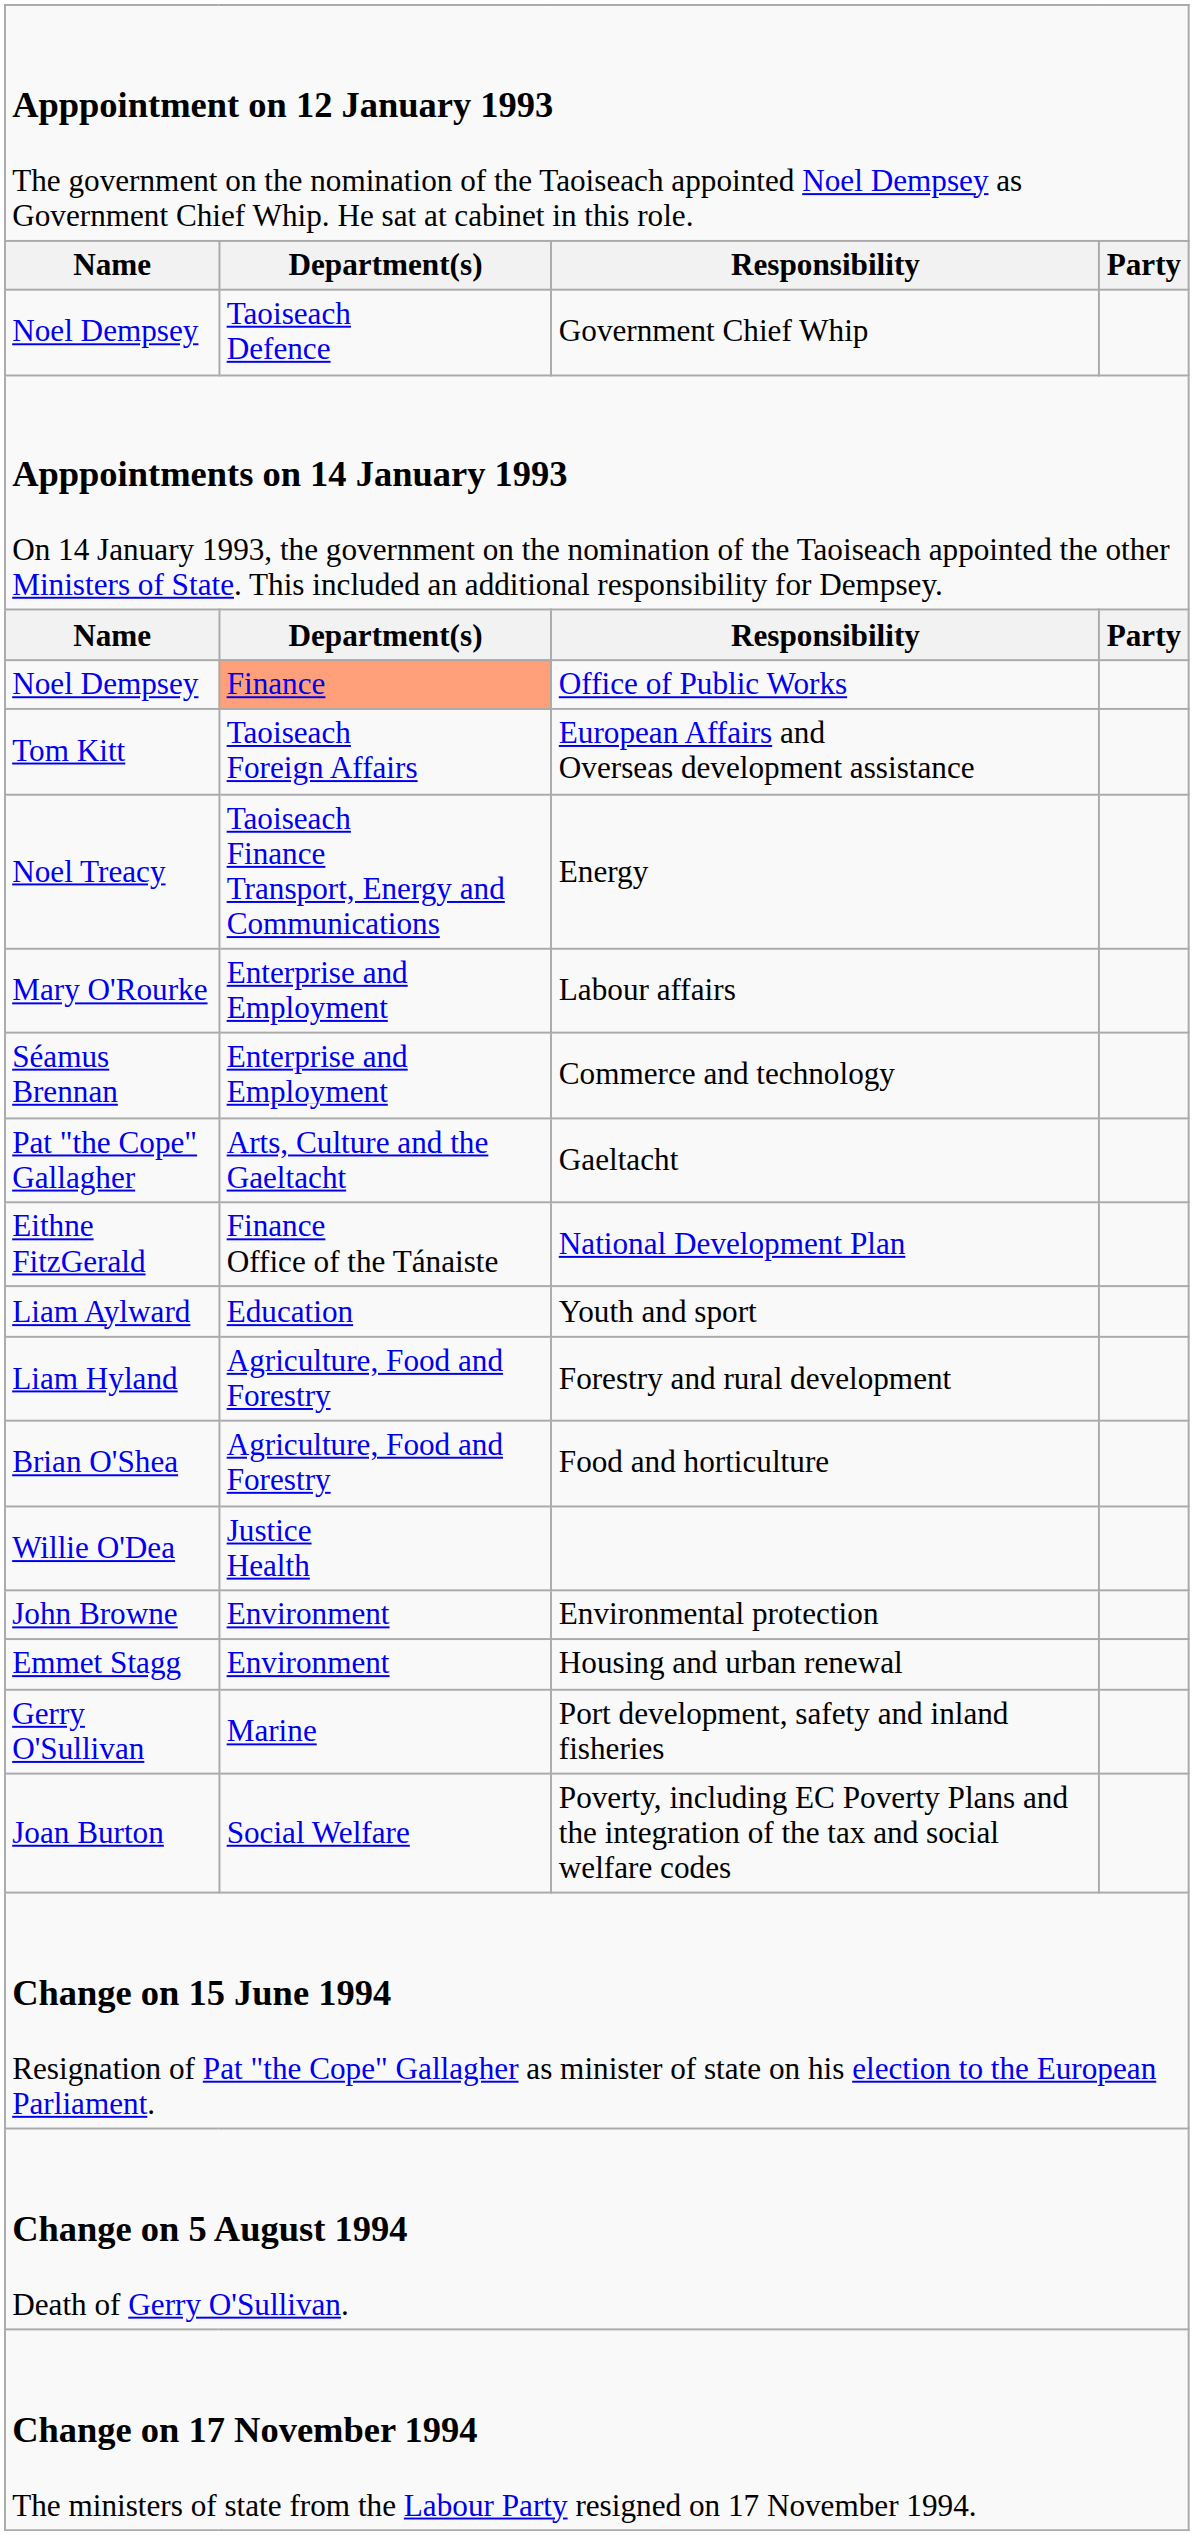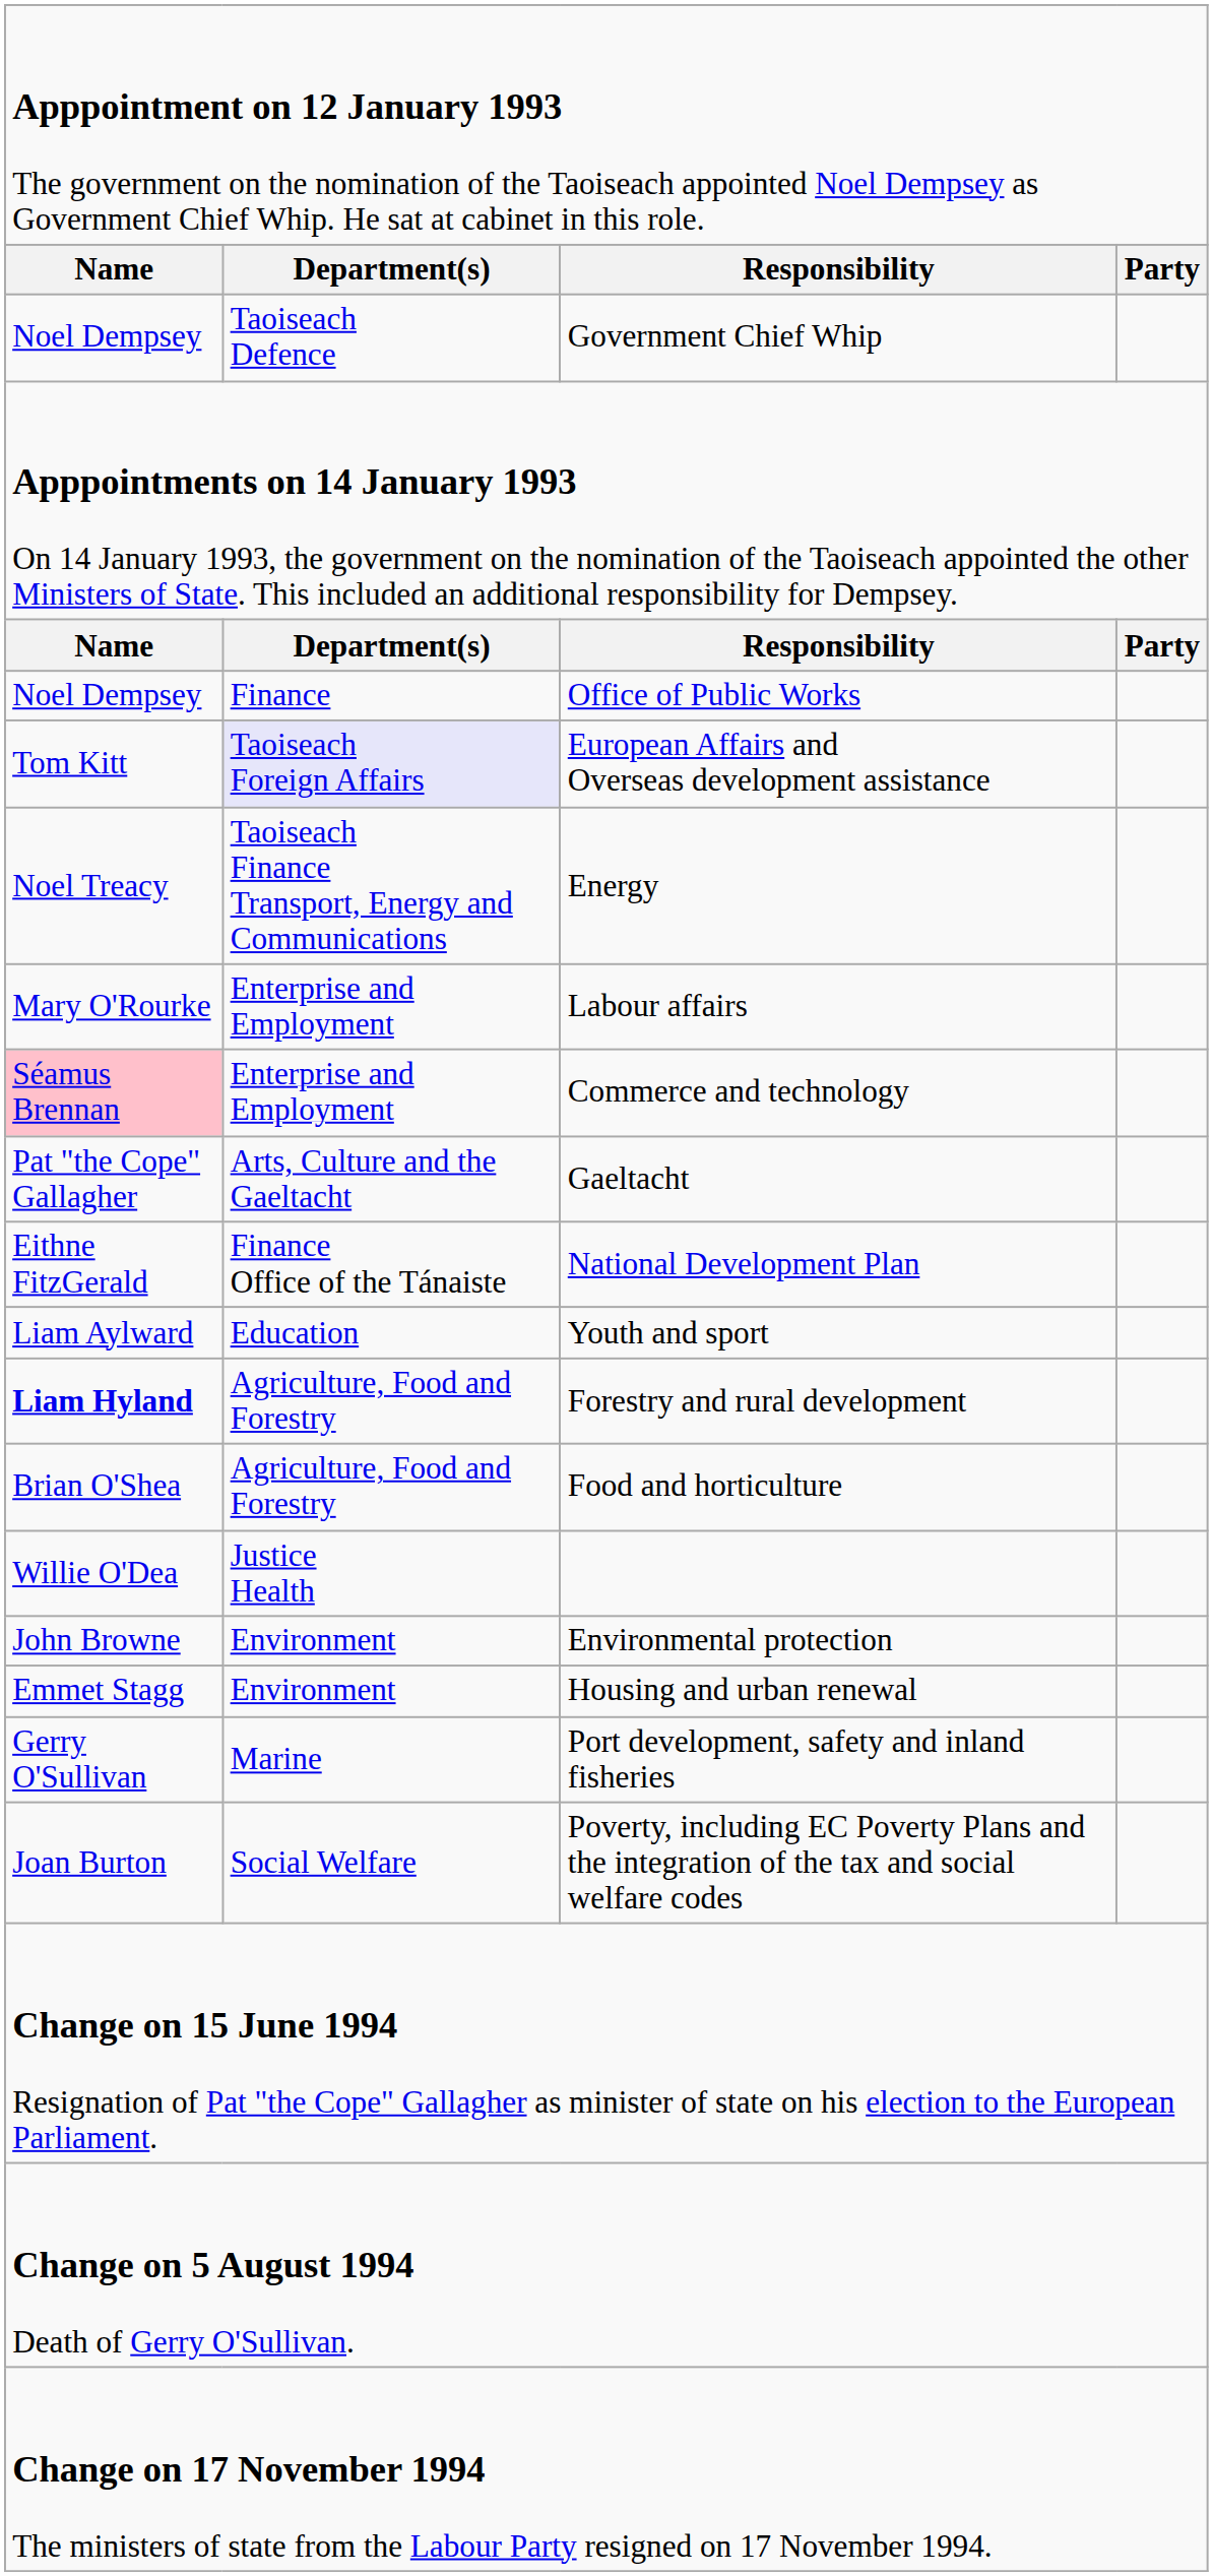 <table class="wikitable">
 <tr>
 <td colspan="5"><br><h3>Apppointment on 12 January 1993</h3>The government on the nomination of the Taoiseach appointed <a href='#'>Noel Dempsey</a> as Government Chief Whip. He sat at cabinet in this role.</td>
 </tr>
 <tr>
 <th>Name</th>
 <th>Department(s)</th>
 <th>Responsibility</th>
 <th colspan="2">Party</th>
 </tr>
 <tr>
 <td><a href='#'>Noel Dempsey</a></td>
 <td><a href='#'>Taoiseach</a><br><a href='#'>Defence</a></td>
 <td>Government Chief Whip</td>
 <td></td>
 </tr>
 <tr>
 <td colspan="5"><br><h3>Apppointments on 14 January 1993</h3>On 14 January 1993, the government on the nomination of the Taoiseach appointed the other <a href='#'>Ministers of State</a>. This included an additional responsibility for Dempsey.</td>
 </tr>
 <tr>
 <th>Name</th>
 <th>Department(s)</th>
 <th>Responsibility</th>
 <th colspan="2">Party</th>
 </tr>
 <tr>
 <td><a href='#'>Noel Dempsey</a></td>
-<td style="background: lightsalmon;"><a href='#'>Finance</a></td>
+<td><a href='#'>Finance</a></td>
 <td><a href='#'>Office of Public Works</a></td>
 <td></td>
 </tr>
 <tr>
 <td><a href='#'>Tom Kitt</a></td>
-<td><a href='#'>Taoiseach</a><br><a href='#'>Foreign Affairs</a></td>
+<td style="background: lavender;"><a href='#'>Taoiseach</a><br><a href='#'>Foreign Affairs</a></td>
 <td><a href='#'>European Affairs</a> and<br>Overseas development assistance</td>
 <td></td>
 </tr>
 <tr>
 <td><a href='#'>Noel Treacy</a></td>
 <td><a href='#'>Taoiseach</a><br><a href='#'>Finance</a><br><a href='#'>Transport, Energy and Communications</a></td>
 <td>Energy</td>
 <td></td>
 </tr>
 <tr>
 <td><a href='#'>Mary O'Rourke</a></td>
 <td><a href='#'>Enterprise and Employment</a></td>
 <td>Labour affairs</td>
 <td></td>
 </tr>
 <tr>
-<td><a href='#'>Séamus Brennan</a></td>
+<td style="background: pink;"><a href='#'>Séamus Brennan</a></td>
 <td><a href='#'>Enterprise and Employment</a></td>
 <td>Commerce and technology</td>
 <td></td>
 </tr>
 <tr>
 <td><a href='#'>Pat "the Cope" Gallagher</a></td>
 <td><a href='#'>Arts, Culture and the Gaeltacht</a></td>
 <td>Gaeltacht</td>
 <td></td>
 </tr>
 <tr>
 <td><a href='#'>Eithne FitzGerald</a></td>
 <td><a href='#'>Finance</a><br>Office of the Tánaiste</td>
 <td><a href='#'>National Development Plan</a></td>
 <td></td>
 </tr>
 <tr>
 <td><a href='#'>Liam Aylward</a></td>
 <td><a href='#'>Education</a></td>
 <td>Youth and sport</td>
 <td></td>
 </tr>
 <tr>
-<td><a href='#'>Liam Hyland</a></td>
+<td><strong><a href='#'>Liam Hyland</a></strong></td>
 <td><a href='#'>Agriculture, Food and Forestry</a></td>
 <td>Forestry and rural development</td>
 <td></td>
 </tr>
 <tr>
 <td><a href='#'>Brian O'Shea</a></td>
 <td><a href='#'>Agriculture, Food and Forestry</a></td>
 <td>Food and horticulture</td>
 <td></td>
 </tr>
 <tr>
 <td><a href='#'>Willie O'Dea</a></td>
 <td><a href='#'>Justice</a><br><a href='#'>Health</a></td>
 <td></td>
 <td></td>
 </tr>
 <tr>
 <td><a href='#'>John Browne</a></td>
 <td><a href='#'>Environment</a></td>
 <td>Environmental protection</td>
 <td></td>
 </tr>
 <tr>
 <td><a href='#'>Emmet Stagg</a></td>
 <td><a href='#'>Environment</a></td>
 <td>Housing and urban renewal</td>
 <td></td>
 </tr>
 <tr>
 <td><a href='#'>Gerry O'Sullivan</a></td>
 <td><a href='#'>Marine</a></td>
 <td>Port development, safety and inland fisheries</td>
 <td></td>
 </tr>
 <tr>
 <td><a href='#'>Joan Burton</a></td>
 <td><a href='#'>Social Welfare</a></td>
 <td>Poverty, including EC Poverty Plans and the integration of the tax and social welfare codes</td>
 <td></td>
 </tr>
 <tr>
 <td colspan="5"><br><h3>Change on 15 June 1994</h3>Resignation of <a href='#'>Pat "the Cope" Gallagher</a> as minister of state on his <a href='#'>election to the European Parliament</a>.</td>
 </tr>
 <tr>
 <td colspan="5"><br><h3>Change on 5 August 1994</h3>Death of <a href='#'>Gerry O'Sullivan</a>.</td>
 </tr>
 <tr>
 <td colspan="5"><br><h3>Change on 17 November 1994</h3>The ministers of state from the <a href='#'>Labour Party</a> resigned on 17 November 1994.</td>
 </tr>
 </table>
